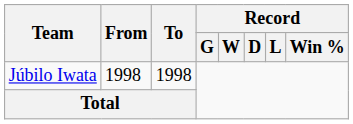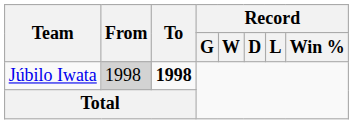 <table class="wikitable" style="text-align: center">
 <tr>
 <th rowspan="2">Team</th>
 <th rowspan="2">From</th>
 <th rowspan="2">To</th>
 <th colspan="5">Record</th>
 </tr>
 <tr>
 <th>G</th>
 <th>W</th>
 <th>D</th>
 <th>L</th>
 <th>Win %</th>
 </tr>
 <tr>
 <td align="left"><a href='#'>Júbilo Iwata</a></td>
-<td align="left">1998</td>
-<td align="left">1998<br></td>
+<td align="left" style="background: lightgrey;">1998</td>
+<td align="left"><strong>1998<br></strong></td>
 </tr>
 <tr>
 <th colspan="3">Total<br></th>
 </tr>
 </table>
